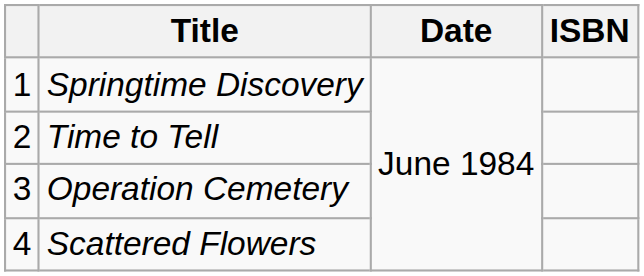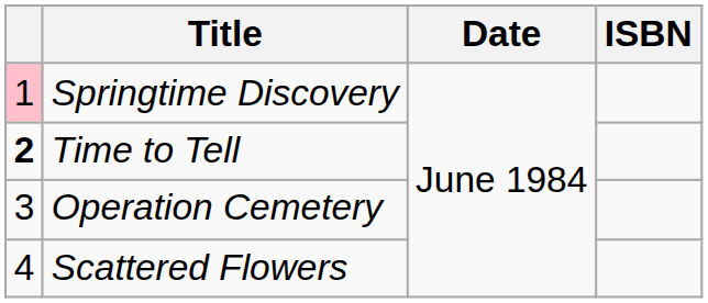 <table class="wikitable">
 <tr>
 <th></th>
 <th>Title</th>
 <th>Date</th>
 <th>ISBN</th>
 </tr>
 <tr>
-<td>1</td>
+<td style="background: pink;">1</td>
 <td><em>Springtime Discovery</em></td>
 <td rowspan="4">June 1984</td>
 <td></td>
 </tr>
 <tr>
-<td>2</td>
+<td><strong>2</strong></td>
 <td><em>Time to Tell</em></td>
 <td></td>
 </tr>
 <tr>
 <td>3</td>
 <td><em>Operation Cemetery</em></td>
 <td></td>
 </tr>
 <tr>
 <td>4</td>
 <td><em>Scattered Flowers</em></td>
 <td></td>
 </tr>
 </table>
